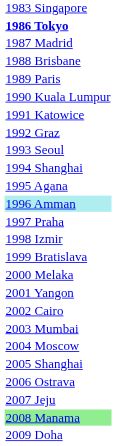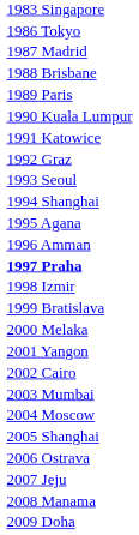 <table>
 <tr>
 <td><a href='#'>1983 Singapore</a></td>
 <td></td>
 <td></td>
 <td></td>
 </tr>
 <tr>
-<td><strong><a href='#'>1986 Tokyo</a></strong></td>
+<td><a href='#'>1986 Tokyo</a></td>
 <td></td>
 <td></td>
 <td></td>
 </tr>
 <tr>
 <td><a href='#'>1987 Madrid</a></td>
 <td></td>
 <td></td>
 <td></td>
 </tr>
 <tr>
 <td><a href='#'>1988 Brisbane</a></td>
 <td></td>
 <td></td>
 <td></td>
 </tr>
 <tr>
 <td><a href='#'>1989 Paris</a></td>
 <td></td>
 <td></td>
 <td></td>
 </tr>
 <tr>
 <td><a href='#'>1990 Kuala Lumpur</a></td>
 <td></td>
 <td></td>
 <td></td>
 </tr>
 <tr>
 <td><a href='#'>1991 Katowice</a></td>
 <td></td>
 <td></td>
 <td></td>
 </tr>
 <tr>
 <td><a href='#'>1992 Graz</a></td>
 <td></td>
 <td></td>
 <td></td>
 </tr>
 <tr>
 <td><a href='#'>1993 Seoul</a></td>
 <td></td>
 <td></td>
 <td></td>
 </tr>
 <tr>
 <td><a href='#'>1994 Shanghai</a></td>
 <td></td>
 <td></td>
 <td></td>
 </tr>
 <tr>
 <td><a href='#'>1995 Agana</a></td>
 <td></td>
 <td></td>
 <td></td>
 </tr>
 <tr>
-<td style="background: paleturquoise;"><a href='#'>1996 Amman</a></td>
+<td><a href='#'>1996 Amman</a></td>
 <td></td>
 <td></td>
 <td></td>
 </tr>
 <tr>
-<td><a href='#'>1997 Praha</a></td>
+<td><strong><a href='#'>1997 Praha</a></strong></td>
 <td></td>
 <td></td>
 <td></td>
 </tr>
 <tr>
 <td><a href='#'>1998 Izmir</a></td>
 <td></td>
 <td></td>
 <td></td>
 </tr>
 <tr>
 <td><a href='#'>1999 Bratislava</a></td>
 <td></td>
 <td></td>
 <td></td>
 </tr>
 <tr>
 <td><a href='#'>2000 Melaka</a></td>
 <td></td>
 <td></td>
 <td></td>
 </tr>
 <tr>
 <td><a href='#'>2001 Yangon</a></td>
 <td></td>
 <td></td>
 <td></td>
 </tr>
 <tr>
 <td><a href='#'>2002 Cairo</a></td>
 <td></td>
 <td></td>
 <td></td>
 </tr>
 <tr>
 <td><a href='#'>2003 Mumbai</a></td>
 <td></td>
 <td></td>
 <td></td>
 </tr>
 <tr>
 <td><a href='#'>2004 Moscow</a></td>
 <td></td>
 <td></td>
 <td></td>
 </tr>
 <tr>
 <td><a href='#'>2005 Shanghai</a></td>
 <td></td>
 <td></td>
 <td></td>
 </tr>
 <tr>
 <td><a href='#'>2006 Ostrava</a></td>
 <td></td>
 <td></td>
 <td></td>
 </tr>
 <tr>
 <td><a href='#'>2007 Jeju</a></td>
 <td></td>
 <td></td>
 <td></td>
 </tr>
 <tr>
-<td style="background: lightgreen;"><a href='#'>2008 Manama</a></td>
+<td><a href='#'>2008 Manama</a></td>
 <td></td>
 <td></td>
 <td></td>
 </tr>
 <tr>
 <td><a href='#'>2009 Doha</a></td>
 <td></td>
 <td></td>
 <td></td>
 </tr>
 </table>
